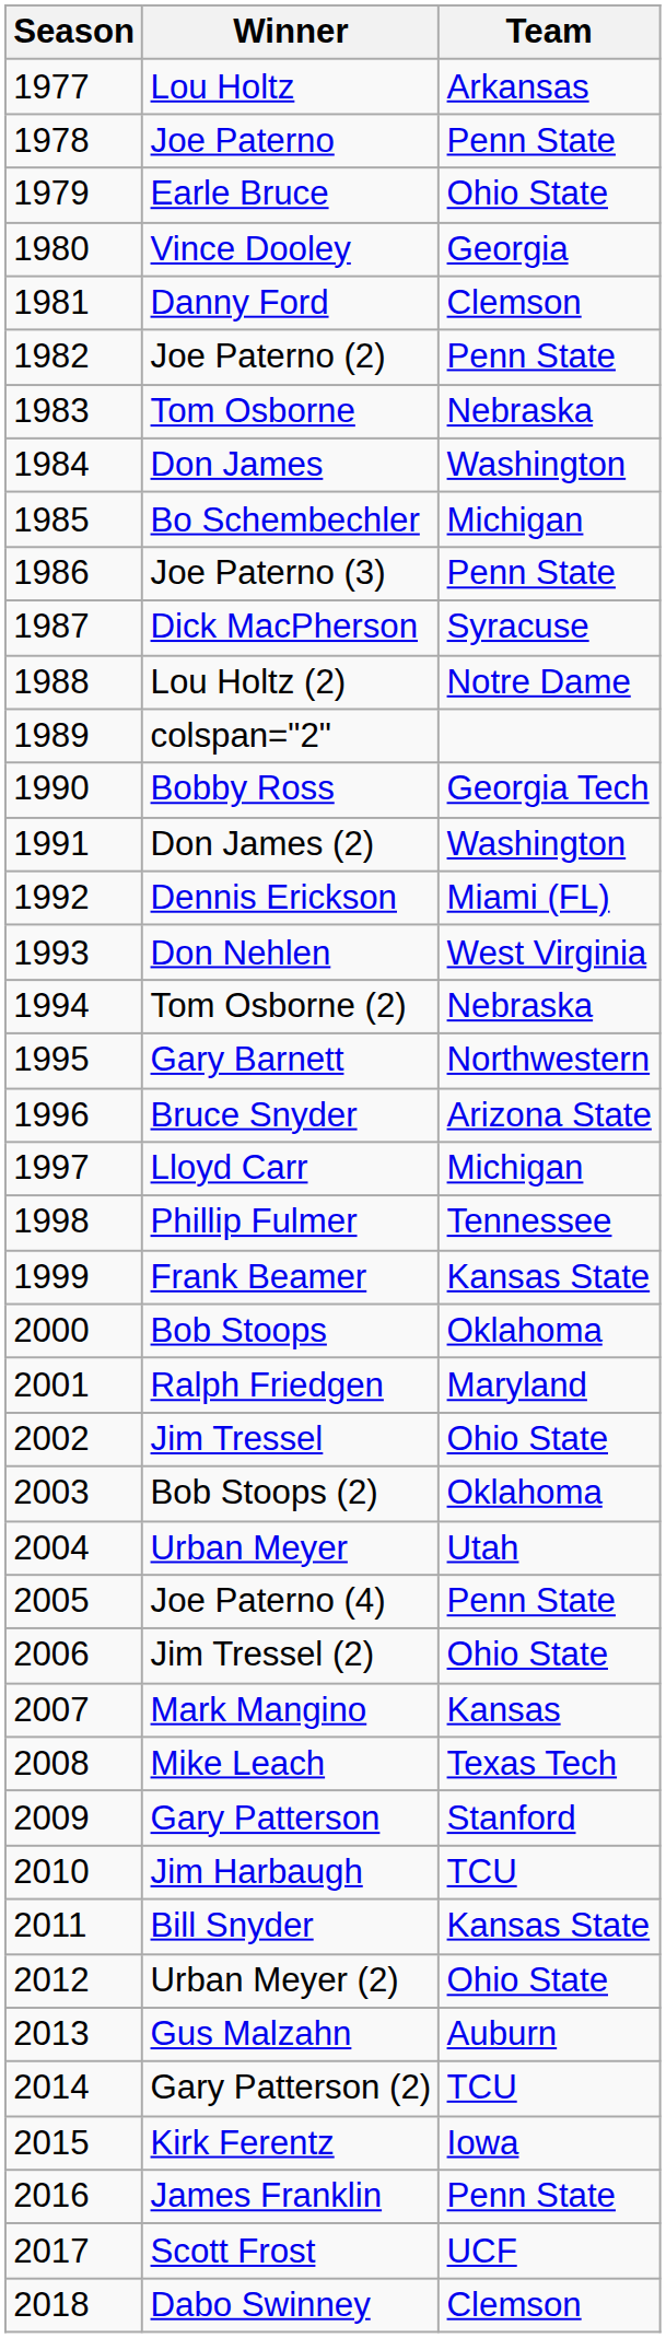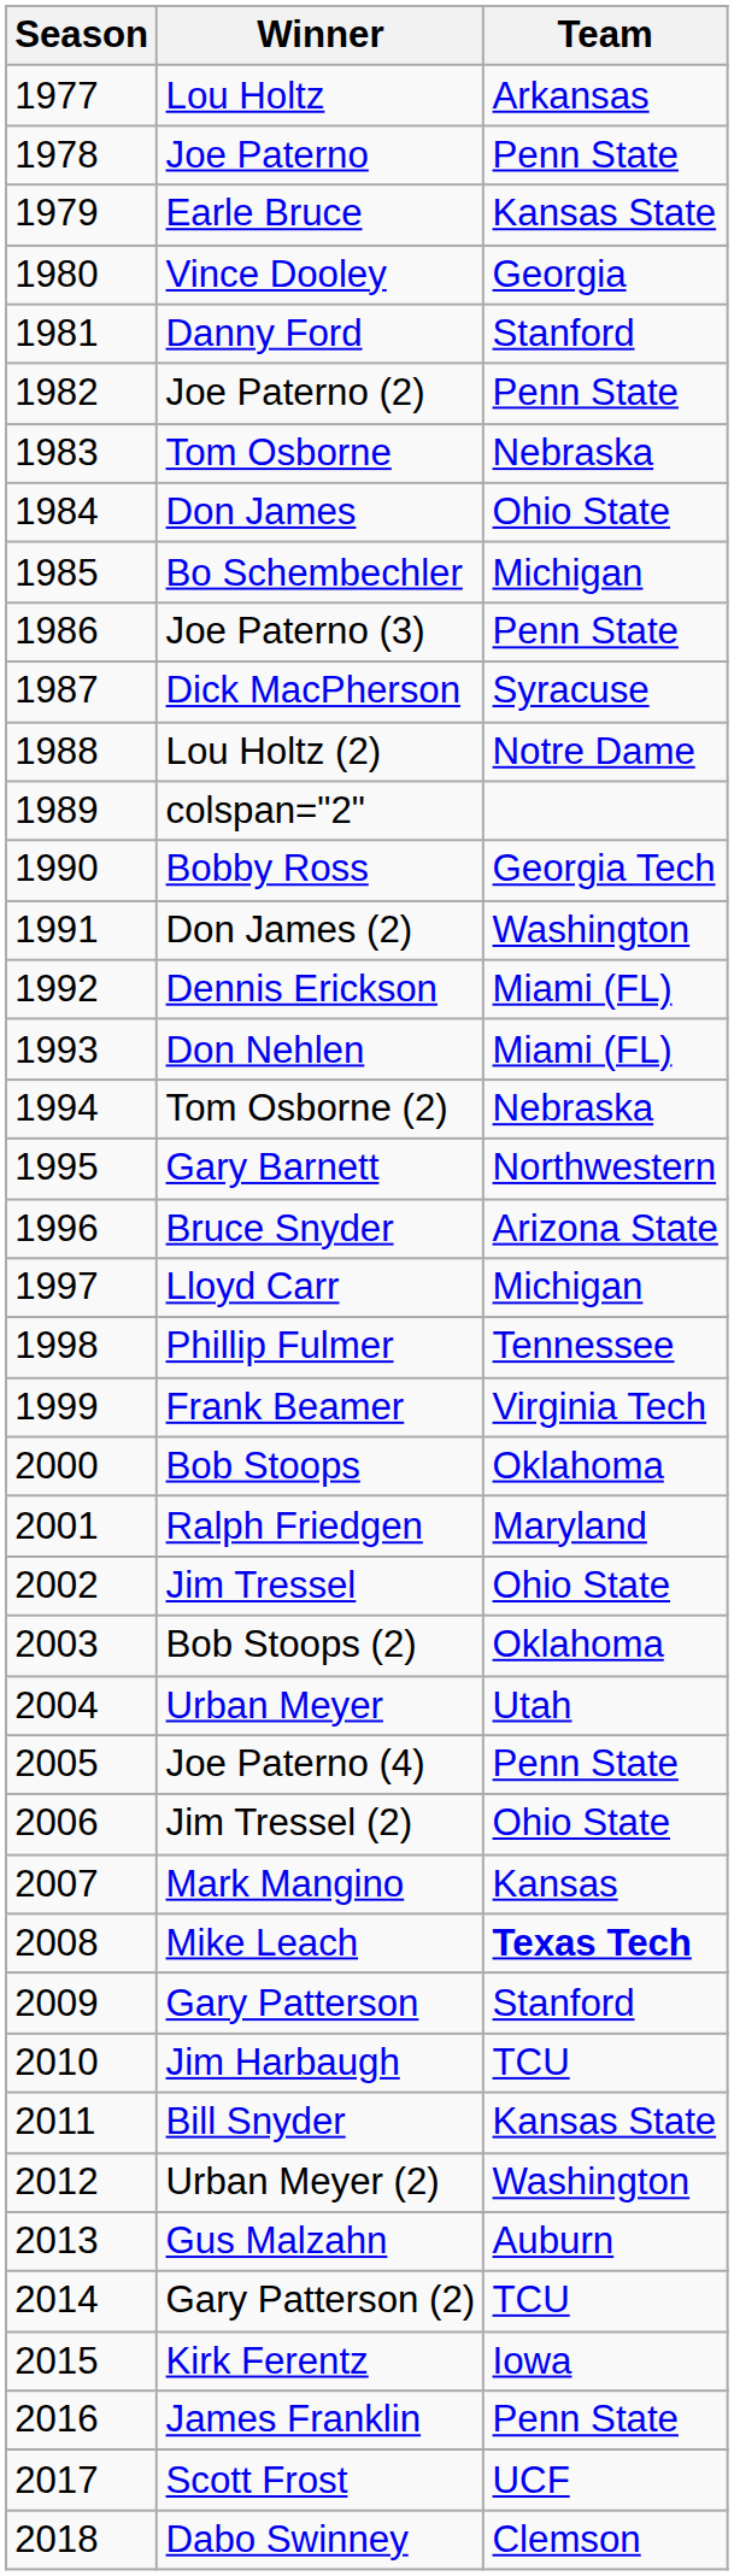 <table class="wikitable sortable">
 <tr>
 <th>Season</th>
 <th>Winner</th>
 <th>Team</th>
 </tr>
 <tr>
 <td>1977</td>
 <td><a href='#'>Lou Holtz</a></td>
 <td><a href='#'>Arkansas</a></td>
 </tr>
 <tr>
 <td>1978</td>
 <td><a href='#'>Joe Paterno</a></td>
 <td><a href='#'>Penn State</a></td>
 </tr>
 <tr>
 <td>1979</td>
 <td><a href='#'>Earle Bruce</a></td>
-<td><a href='#'>Ohio State</a></td>
+<td><a href='#'>Kansas State</a></td>
 </tr>
 <tr>
 <td>1980</td>
 <td><a href='#'>Vince Dooley</a></td>
 <td><a href='#'>Georgia</a></td>
 </tr>
 <tr>
 <td>1981</td>
 <td><a href='#'>Danny Ford</a></td>
-<td><a href='#'>Clemson</a></td>
+<td><a href='#'>Stanford</a></td>
 </tr>
 <tr>
 <td>1982</td>
 <td>Joe Paterno (2)</td>
 <td><a href='#'>Penn State</a></td>
 </tr>
 <tr>
 <td>1983</td>
 <td><a href='#'>Tom Osborne</a></td>
 <td><a href='#'>Nebraska</a></td>
 </tr>
 <tr>
 <td>1984</td>
 <td><a href='#'>Don James</a></td>
-<td><a href='#'>Washington</a></td>
+<td><a href='#'>Ohio State</a></td>
 </tr>
 <tr>
 <td>1985</td>
 <td><a href='#'>Bo Schembechler</a></td>
 <td><a href='#'>Michigan</a></td>
 </tr>
 <tr>
 <td>1986</td>
 <td>Joe Paterno (3)</td>
 <td><a href='#'>Penn State</a></td>
 </tr>
 <tr>
 <td>1987</td>
 <td><a href='#'>Dick MacPherson</a></td>
 <td><a href='#'>Syracuse</a></td>
 </tr>
 <tr>
 <td>1988</td>
 <td>Lou Holtz (2)</td>
 <td><a href='#'>Notre Dame</a></td>
 </tr>
 <tr>
 <td>1989</td>
 <td>colspan="2" </td>
 </tr>
 <tr>
 <td>1990</td>
 <td><a href='#'>Bobby Ross</a></td>
 <td><a href='#'>Georgia Tech</a></td>
 </tr>
 <tr>
 <td>1991</td>
 <td>Don James (2)</td>
 <td><a href='#'>Washington</a></td>
 </tr>
 <tr>
 <td>1992</td>
 <td><a href='#'>Dennis Erickson</a></td>
 <td><a href='#'>Miami (FL)</a></td>
 </tr>
 <tr>
 <td>1993</td>
 <td><a href='#'>Don Nehlen</a></td>
-<td><a href='#'>West Virginia</a></td>
+<td><a href='#'>Miami (FL)</a></td>
 </tr>
 <tr>
 <td>1994</td>
 <td>Tom Osborne (2)</td>
 <td><a href='#'>Nebraska</a></td>
 </tr>
 <tr>
 <td>1995</td>
 <td><a href='#'>Gary Barnett</a></td>
 <td><a href='#'>Northwestern</a></td>
 </tr>
 <tr>
 <td>1996</td>
 <td><a href='#'>Bruce Snyder</a></td>
 <td><a href='#'>Arizona State</a></td>
 </tr>
 <tr>
 <td>1997</td>
 <td><a href='#'>Lloyd Carr</a></td>
 <td><a href='#'>Michigan</a></td>
 </tr>
 <tr>
 <td>1998</td>
 <td><a href='#'>Phillip Fulmer</a></td>
 <td><a href='#'>Tennessee</a></td>
 </tr>
 <tr>
 <td>1999</td>
 <td><a href='#'>Frank Beamer</a></td>
-<td><a href='#'>Kansas State</a></td>
+<td><a href='#'>Virginia Tech</a></td>
 </tr>
 <tr>
 <td>2000</td>
 <td><a href='#'>Bob Stoops</a></td>
 <td><a href='#'>Oklahoma</a></td>
 </tr>
 <tr>
 <td>2001</td>
 <td><a href='#'>Ralph Friedgen</a></td>
 <td><a href='#'>Maryland</a></td>
 </tr>
 <tr>
 <td>2002</td>
 <td><a href='#'>Jim Tressel</a></td>
 <td><a href='#'>Ohio State</a></td>
 </tr>
 <tr>
 <td>2003</td>
 <td>Bob Stoops (2)</td>
 <td><a href='#'>Oklahoma</a></td>
 </tr>
 <tr>
 <td>2004</td>
 <td><a href='#'>Urban Meyer</a></td>
 <td><a href='#'>Utah</a></td>
 </tr>
 <tr>
 <td>2005</td>
 <td>Joe Paterno (4)</td>
 <td><a href='#'>Penn State</a></td>
 </tr>
 <tr>
 <td>2006</td>
 <td>Jim Tressel (2)</td>
 <td><a href='#'>Ohio State</a></td>
 </tr>
 <tr>
 <td>2007</td>
 <td><a href='#'>Mark Mangino</a></td>
 <td><a href='#'>Kansas</a></td>
 </tr>
 <tr>
 <td>2008</td>
 <td><a href='#'>Mike Leach</a></td>
-<td><a href='#'>Texas Tech</a></td>
+<td><strong><a href='#'>Texas Tech</a></strong></td>
 </tr>
 <tr>
 <td>2009</td>
 <td><a href='#'>Gary Patterson</a></td>
 <td><a href='#'>Stanford</a></td>
 </tr>
 <tr>
 <td>2010</td>
 <td><a href='#'>Jim Harbaugh</a></td>
 <td><a href='#'>TCU</a></td>
 </tr>
 <tr>
 <td>2011</td>
 <td><a href='#'>Bill Snyder</a></td>
 <td><a href='#'>Kansas State</a></td>
 </tr>
 <tr>
 <td>2012</td>
 <td>Urban Meyer (2)</td>
-<td><a href='#'>Ohio State</a></td>
+<td><a href='#'>Washington</a></td>
 </tr>
 <tr>
 <td>2013</td>
 <td><a href='#'>Gus Malzahn</a></td>
 <td><a href='#'>Auburn</a></td>
 </tr>
 <tr>
 <td>2014</td>
 <td>Gary Patterson (2)</td>
 <td><a href='#'>TCU</a></td>
 </tr>
 <tr>
 <td>2015</td>
 <td><a href='#'>Kirk Ferentz</a></td>
 <td><a href='#'>Iowa</a></td>
 </tr>
 <tr>
 <td>2016</td>
 <td><a href='#'>James Franklin</a></td>
 <td><a href='#'>Penn State</a></td>
 </tr>
 <tr>
 <td>2017</td>
 <td><a href='#'>Scott Frost</a></td>
 <td><a href='#'>UCF</a></td>
 </tr>
 <tr>
 <td>2018</td>
 <td><a href='#'>Dabo Swinney</a></td>
 <td><a href='#'>Clemson</a></td>
 </tr>
 </table>
